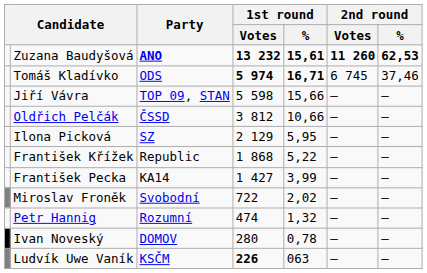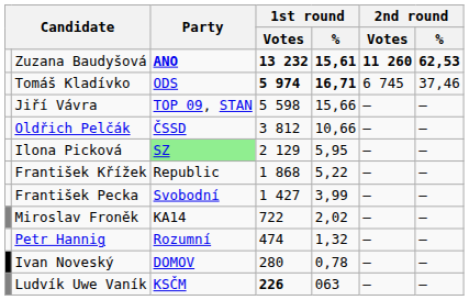 <table class="wikitable sortable">
 <tr>
 <th colspan="2" rowspan="2">Candidate</th>
 <th rowspan="2">Party</th>
 <th colspan="2">1st round</th>
 <th colspan="2">2nd round</th>
 </tr>
 <tr>
 <th>Votes</th>
 <th>%</th>
 <th>Votes</th>
 <th>%</th>
 </tr>
 <tr>
 <td style="background-color:"></td>
 <td>Zuzana Baudyšová</td>
 <td><a href='#'><strong>ANO</strong></a></td>
 <td><strong>13 232</strong></td>
 <td><strong>15,61</strong></td>
 <td><strong>11 260</strong></td>
 <td><strong>62,53</strong></td>
 </tr>
 <tr>
 <td style="background-color:"></td>
 <td>Tomáš Kladívko</td>
 <td><a href='#'>ODS</a></td>
 <td><strong>5 974</strong></td>
 <td><strong>16,71</strong></td>
 <td>6 745</td>
 <td>37,46</td>
 </tr>
 <tr>
 <td style="background-color:"></td>
 <td>Jiří Vávra</td>
 <td><a href='#'>TOP 09</a>, <a href='#'>STAN</a></td>
 <td>5 598</td>
 <td>15,66</td>
 <td>—</td>
 <td>—</td>
 </tr>
 <tr>
 <td style="background-color:"></td>
 <td><a href='#'>Oldřich Pelčák</a></td>
 <td><a href='#'>ČSSD</a></td>
 <td>3 812</td>
 <td>10,66</td>
 <td>—</td>
 <td>—</td>
 </tr>
 <tr>
 <td style="background-color:"></td>
 <td>Ilona Picková</td>
-<td><a href='#'>SZ</a></td>
+<td style="background: lightgreen;"><a href='#'>SZ</a></td>
 <td>2 129</td>
 <td>5,95</td>
 <td>—</td>
 <td>—</td>
 </tr>
 <tr>
 <td style="background-color:"></td>
 <td>František Křížek</td>
 <td>Republic</td>
 <td>1 868</td>
 <td>5,22</td>
 <td>—</td>
 <td>—</td>
 </tr>
 <tr>
 <td style="background-color:"></td>
 <td>František Pecka</td>
-<td>KA14</td>
+<td><a href='#'>Svobodní</a></td>
 <td>1 427</td>
 <td>3,99</td>
 <td>—</td>
 <td>—</td>
 </tr>
 <tr>
 <td style="background-color:grey"></td>
 <td>Miroslav Froněk</td>
-<td><a href='#'>Svobodní</a></td>
+<td>KA14</td>
 <td>722</td>
 <td>2,02</td>
 <td>—</td>
 <td>—</td>
 </tr>
 <tr>
 <td style="background-color:"></td>
 <td><a href='#'>Petr Hannig</a></td>
 <td><a href='#'>Rozumní</a></td>
 <td>474</td>
 <td>1,32</td>
 <td>—</td>
 <td>—</td>
 </tr>
 <tr>
 <td style="background-color:black"></td>
 <td>Ivan Noveský</td>
 <td><a href='#'>DOMOV</a></td>
 <td>280</td>
 <td>0,78</td>
 <td>—</td>
 <td>—</td>
 </tr>
 <tr>
 <td style="background-color:grey;"></td>
 <td>Ludvík Uwe Vaník</td>
 <td><a href='#'>KSČM</a></td>
 <td><strong>226</strong></td>
 <td>063</td>
 <td>—</td>
 <td>—</td>
 </tr>
 </table>
